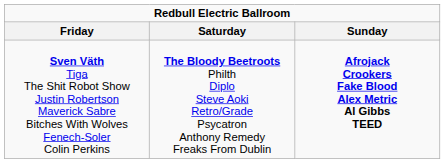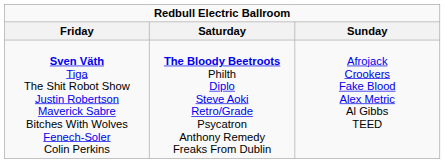 <table class="wikitable">
 <tr>
 <td colspan="3" style="text-align:center;"><strong>Redbull Electric Ballroom</strong></td>
 </tr>
 <tr>
 <th>Friday</th>
 <th>Saturday</th>
 <th>Sunday</th>
 </tr>
 <tr>
 <td style="text-align:center; vertical-align:top; width:200px;"><br><strong><a href='#'>Sven Väth</a></strong> <br><a href='#'>Tiga</a> <br>The Shit Robot Show <br><a href='#'>Justin Robertson</a> <br><a href='#'>Maverick Sabre</a> <br>Bitches With Wolves <br><a href='#'>Fenech-Soler</a> <br>Colin Perkins</td>
 <td style="text-align:center; vertical-align:top; width:200px;"><br><strong><a href='#'>The Bloody Beetroots</a></strong> <br>Philth <br><a href='#'>Diplo</a> <br><a href='#'>Steve Aoki</a> <br><a href='#'>Retro/Grade</a> <br>Psycatron <br>Anthony Remedy <br>Freaks From Dublin</td>
-<td style="text-align:center; vertical-align:top; width:200px;"><strong><br><a href='#'>Afrojack</a> <br><a href='#'>Crookers</a> <br><a href='#'>Fake Blood</a> <br><a href='#'>Alex Metric</a> <br>Al Gibbs <br>TEED</strong></td>
+<td style="text-align:center; vertical-align:top; width:200px;"><br><a href='#'>Afrojack</a> <br><a href='#'>Crookers</a> <br><a href='#'>Fake Blood</a> <br><a href='#'>Alex Metric</a> <br>Al Gibbs <br>TEED</td>
 </tr>
 </table>
